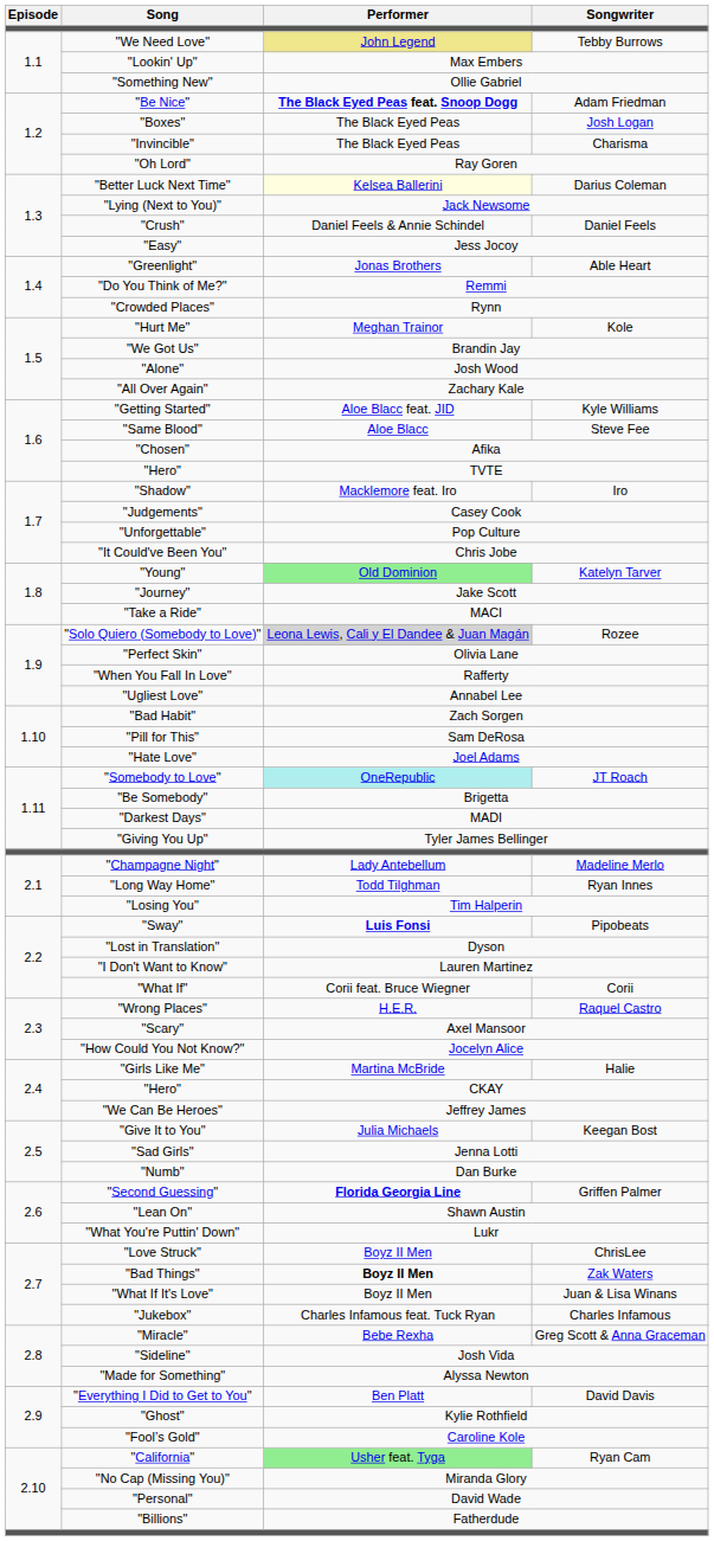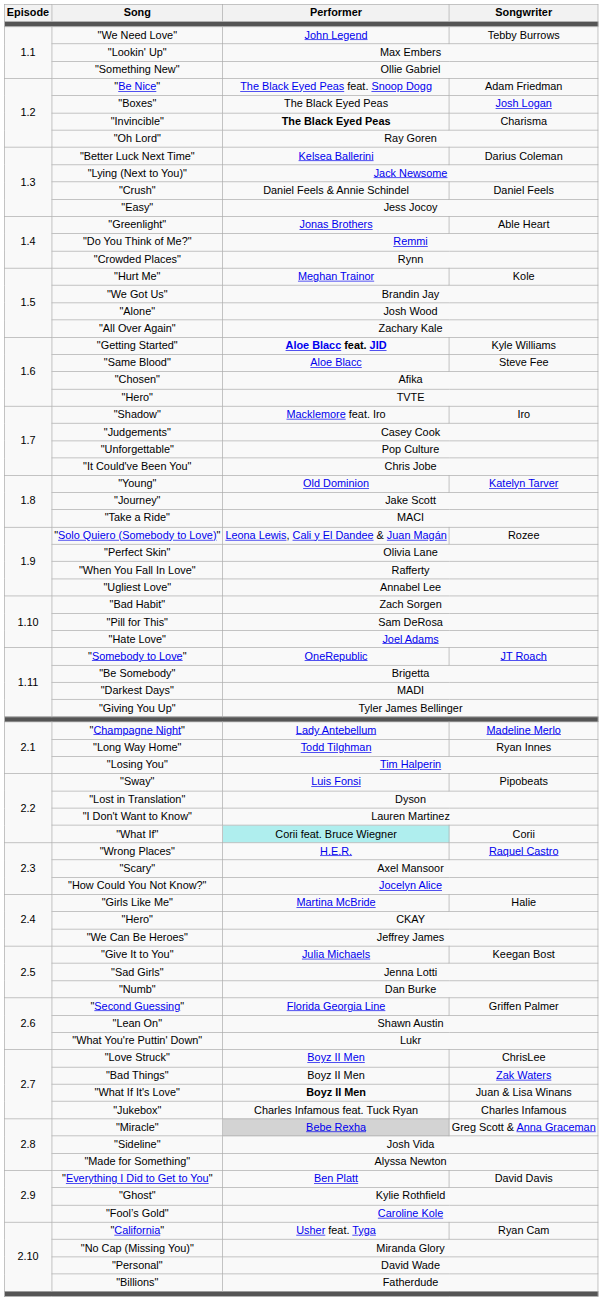 <table class="wikitable plainrowheaders" style="text-align:center">
 <tr>
 <th style="row">Episode</th>
 <th style="row">Song</th>
 <th style="row">Performer</th>
 <th style="row">Songwriter</th>
 </tr>
 <tr>
 <td colspan="4" style="background:#555;"></td>
 </tr>
 <tr>
 <td rowspan="3">1.1</td>
 <td>"We Need Love"</td>
-<td style="background: khaki;"><a href='#'>John Legend</a></td>
+<td><a href='#'>John Legend</a></td>
 <td>Tebby Burrows</td>
 </tr>
 <tr>
 <td>"Lookin' Up"</td>
 <td colspan="2">Max Embers</td>
 </tr>
 <tr>
 <td>"Something New"</td>
 <td colspan="2">Ollie Gabriel</td>
 </tr>
 <tr>
 <td rowspan="4">1.2</td>
 <td>"<a href='#'>Be Nice</a>"</td>
-<td><strong><a href='#'>The Black Eyed Peas</a> feat. <a href='#'>Snoop Dogg</a></strong></td>
+<td><a href='#'>The Black Eyed Peas</a> feat. <a href='#'>Snoop Dogg</a></td>
 <td>Adam Friedman</td>
 </tr>
 <tr>
 <td>"Boxes"</td>
 <td>The Black Eyed Peas</td>
 <td><a href='#'>Josh Logan</a></td>
 </tr>
 <tr>
 <td>"Invincible"</td>
-<td>The Black Eyed Peas</td>
+<td><strong>The Black Eyed Peas</strong></td>
 <td>Charisma</td>
 </tr>
 <tr>
 <td>"Oh Lord"</td>
 <td colspan="2">Ray Goren</td>
 </tr>
 <tr>
 <td rowspan="4">1.3</td>
 <td>"Better Luck Next Time"</td>
-<td style="background: lightyellow;"><a href='#'>Kelsea Ballerini</a></td>
+<td><a href='#'>Kelsea Ballerini</a></td>
 <td>Darius Coleman</td>
 </tr>
 <tr>
 <td>"Lying (Next to You)"</td>
 <td colspan="2"><a href='#'>Jack Newsome</a></td>
 </tr>
 <tr>
 <td>"Crush"</td>
 <td>Daniel Feels & Annie Schindel</td>
 <td>Daniel Feels</td>
 </tr>
 <tr>
 <td>"Easy"</td>
 <td colspan="2">Jess Jocoy</td>
 </tr>
 <tr>
 <td rowspan="3">1.4</td>
 <td>"Greenlight"</td>
 <td><a href='#'>Jonas Brothers</a></td>
 <td>Able Heart</td>
 </tr>
 <tr>
 <td>"Do You Think of Me?"</td>
 <td colspan="2"><a href='#'>Remmi</a></td>
 </tr>
 <tr>
 <td>"Crowded Places"</td>
 <td colspan="2">Rynn</td>
 </tr>
 <tr>
 <td rowspan="4">1.5</td>
 <td>"Hurt Me"</td>
 <td><a href='#'>Meghan Trainor</a></td>
 <td>Kole</td>
 </tr>
 <tr>
 <td>"We Got Us"</td>
 <td colspan="2">Brandin Jay</td>
 </tr>
 <tr>
 <td>"Alone"</td>
 <td colspan="2">Josh Wood</td>
 </tr>
 <tr>
 <td>"All Over Again"</td>
 <td colspan="2">Zachary Kale</td>
 </tr>
 <tr>
 <td rowspan="4">1.6</td>
 <td>"Getting Started"</td>
-<td><a href='#'>Aloe Blacc</a> feat. <a href='#'>JID</a></td>
+<td><strong><a href='#'>Aloe Blacc</a> feat. <a href='#'>JID</a></strong></td>
 <td>Kyle Williams</td>
 </tr>
 <tr>
 <td>"Same Blood"</td>
 <td><a href='#'>Aloe Blacc</a></td>
 <td>Steve Fee</td>
 </tr>
 <tr>
 <td>"Chosen"</td>
 <td colspan="2">Afika</td>
 </tr>
 <tr>
 <td>"Hero"</td>
 <td colspan="2">TVTE</td>
 </tr>
 <tr>
 <td rowspan="4">1.7</td>
 <td>"Shadow"</td>
 <td><a href='#'>Macklemore</a> feat. Iro</td>
 <td>Iro</td>
 </tr>
 <tr>
 <td>"Judgements"</td>
 <td colspan="2">Casey Cook</td>
 </tr>
 <tr>
 <td>"Unforgettable"</td>
 <td colspan="2">Pop Culture</td>
 </tr>
 <tr>
 <td>"It Could've Been You"</td>
 <td colspan="2">Chris Jobe</td>
 </tr>
 <tr>
 <td rowspan="3">1.8</td>
 <td>"Young"</td>
-<td style="background: lightgreen;"><a href='#'>Old Dominion</a></td>
+<td><a href='#'>Old Dominion</a></td>
 <td><a href='#'>Katelyn Tarver</a></td>
 </tr>
 <tr>
 <td>"Journey"</td>
 <td colspan="2">Jake Scott</td>
 </tr>
 <tr>
 <td>"Take a Ride"</td>
 <td colspan="2">MACI</td>
 </tr>
 <tr>
 <td rowspan="4">1.9</td>
 <td>"<a href='#'>Solo Quiero (Somebody to Love)</a>"</td>
-<td style="background: lightgrey;"><a href='#'>Leona Lewis</a>, <a href='#'>Cali y El Dandee</a> & <a href='#'>Juan Magán</a></td>
+<td><a href='#'>Leona Lewis</a>, <a href='#'>Cali y El Dandee</a> & <a href='#'>Juan Magán</a></td>
 <td>Rozee</td>
 </tr>
 <tr>
 <td>"Perfect Skin"</td>
 <td colspan="2">Olivia Lane</td>
 </tr>
 <tr>
 <td>"When You Fall In Love"</td>
 <td colspan="2">Rafferty</td>
 </tr>
 <tr>
 <td>"Ugliest Love"</td>
 <td colspan="2">Annabel Lee</td>
 </tr>
 <tr>
 <td rowspan="3">1.10</td>
 <td>"Bad Habit"</td>
 <td colspan="2">Zach Sorgen</td>
 </tr>
 <tr>
 <td>"Pill for This"</td>
 <td colspan="2">Sam DeRosa</td>
 </tr>
 <tr>
 <td>"Hate Love"</td>
 <td colspan="2"><a href='#'>Joel Adams</a></td>
 </tr>
 <tr>
 <td rowspan="4">1.11</td>
 <td>"<a href='#'>Somebody to Love</a>"</td>
-<td style="background: paleturquoise;"><a href='#'>OneRepublic</a></td>
+<td><a href='#'>OneRepublic</a></td>
 <td><a href='#'>JT Roach</a></td>
 </tr>
 <tr>
 <td>"Be Somebody"</td>
 <td colspan="2">Brigetta</td>
 </tr>
 <tr>
 <td>"Darkest Days"</td>
 <td colspan="2">MADI</td>
 </tr>
 <tr>
 <td>"Giving You Up"</td>
 <td colspan="2">Tyler James Bellinger</td>
 </tr>
 <tr>
 <td colspan="4" style="background:#555;"></td>
 </tr>
 <tr>
 <td rowspan="3">2.1</td>
 <td>"<a href='#'>Champagne Night</a>"</td>
 <td><a href='#'>Lady Antebellum</a></td>
 <td><a href='#'>Madeline Merlo</a></td>
 </tr>
 <tr>
 <td>"Long Way Home"</td>
 <td><a href='#'>Todd Tilghman</a></td>
 <td>Ryan Innes</td>
 </tr>
 <tr>
 <td>"Losing You"</td>
 <td colspan="2"><a href='#'>Tim Halperin</a></td>
 </tr>
 <tr>
 <td rowspan="4">2.2</td>
 <td>"Sway"</td>
-<td><strong><a href='#'>Luis Fonsi</a></strong></td>
+<td><a href='#'>Luis Fonsi</a></td>
 <td>Pipobeats</td>
 </tr>
 <tr>
 <td>"Lost in Translation"</td>
 <td colspan="2">Dyson</td>
 </tr>
 <tr>
 <td>"I Don't Want to Know"</td>
 <td colspan="2">Lauren Martinez</td>
 </tr>
 <tr>
 <td>"What If"</td>
-<td>Corii feat. Bruce Wiegner</td>
+<td style="background: paleturquoise;">Corii feat. Bruce Wiegner</td>
 <td>Corii</td>
 </tr>
 <tr>
 <td rowspan="3">2.3</td>
 <td>"Wrong Places"</td>
 <td><a href='#'>H.E.R.</a></td>
 <td><a href='#'>Raquel Castro</a></td>
 </tr>
 <tr>
 <td>"Scary"</td>
 <td colspan="2">Axel Mansoor</td>
 </tr>
 <tr>
 <td>"How Could You Not Know?"</td>
 <td colspan="2"><a href='#'>Jocelyn Alice</a></td>
 </tr>
 <tr>
 <td rowspan="3">2.4</td>
 <td>"Girls Like Me"</td>
 <td><a href='#'>Martina McBride</a></td>
 <td>Halie</td>
 </tr>
 <tr>
 <td>"Hero"</td>
 <td colspan="2">CKAY</td>
 </tr>
 <tr>
 <td>"We Can Be Heroes"</td>
 <td colspan="2">Jeffrey James</td>
 </tr>
 <tr>
 <td rowspan="3">2.5</td>
 <td>"Give It to You"</td>
 <td><a href='#'>Julia Michaels</a></td>
 <td>Keegan Bost</td>
 </tr>
 <tr>
 <td>"Sad Girls"</td>
 <td colspan="2">Jenna Lotti</td>
 </tr>
 <tr>
 <td>"Numb"</td>
 <td colspan="2">Dan Burke</td>
 </tr>
 <tr>
 <td rowspan="3">2.6</td>
 <td>"<a href='#'>Second Guessing</a>"</td>
-<td><strong><a href='#'>Florida Georgia Line</a></strong></td>
+<td><a href='#'>Florida Georgia Line</a></td>
 <td>Griffen Palmer</td>
 </tr>
 <tr>
 <td>"Lean On"</td>
 <td colspan="2">Shawn Austin</td>
 </tr>
 <tr>
 <td>"What You're Puttin' Down"</td>
 <td colspan="2">Lukr</td>
 </tr>
 <tr>
 <td rowspan="4">2.7</td>
 <td>"Love Struck"</td>
 <td><a href='#'>Boyz II Men</a></td>
 <td>ChrisLee</td>
 </tr>
 <tr>
 <td>"Bad Things"</td>
-<td><strong>Boyz II Men</strong></td>
+<td>Boyz II Men</td>
 <td><a href='#'>Zak Waters</a></td>
 </tr>
 <tr>
 <td>"What If It's Love"</td>
-<td>Boyz II Men</td>
+<td><strong>Boyz II Men</strong></td>
 <td>Juan & Lisa Winans</td>
 </tr>
 <tr>
 <td>"Jukebox"</td>
 <td>Charles Infamous feat. Tuck Ryan</td>
 <td>Charles Infamous</td>
 </tr>
 <tr>
 <td rowspan="3">2.8</td>
 <td>"Miracle"</td>
-<td><a href='#'>Bebe Rexha</a></td>
+<td style="background: lightgrey;"><a href='#'>Bebe Rexha</a></td>
 <td>Greg Scott & <a href='#'>Anna Graceman</a></td>
 </tr>
 <tr>
 <td>"Sideline"</td>
 <td colspan="2">Josh Vida</td>
 </tr>
 <tr>
 <td>"Made for Something"</td>
 <td colspan="2">Alyssa Newton</td>
 </tr>
 <tr>
 <td rowspan="3">2.9</td>
 <td>"<a href='#'>Everything I Did to Get to You</a>"</td>
 <td><a href='#'>Ben Platt</a></td>
 <td>David Davis</td>
 </tr>
 <tr>
 <td>"Ghost"</td>
 <td colspan="2">Kylie Rothfield</td>
 </tr>
 <tr>
 <td>"Fool’s Gold"</td>
 <td colspan="2"><a href='#'>Caroline Kole</a></td>
 </tr>
 <tr>
 <td rowspan="4">2.10</td>
 <td>"<a href='#'>California</a>"</td>
-<td style="background: lightgreen;"><a href='#'>Usher</a> feat. <a href='#'>Tyga</a></td>
+<td><a href='#'>Usher</a> feat. <a href='#'>Tyga</a></td>
 <td>Ryan Cam</td>
 </tr>
 <tr>
 <td>"No Cap (Missing You)"</td>
 <td colspan="2">Miranda Glory</td>
 </tr>
 <tr>
 <td>"Personal"</td>
 <td colspan="2">David Wade</td>
 </tr>
 <tr>
 <td>"Billions"</td>
 <td colspan="2">Fatherdude</td>
 </tr>
 <tr>
 <td colspan="4" style="background:#555;"></td>
 </tr>
 <tr>
 </tr>
 </table>
